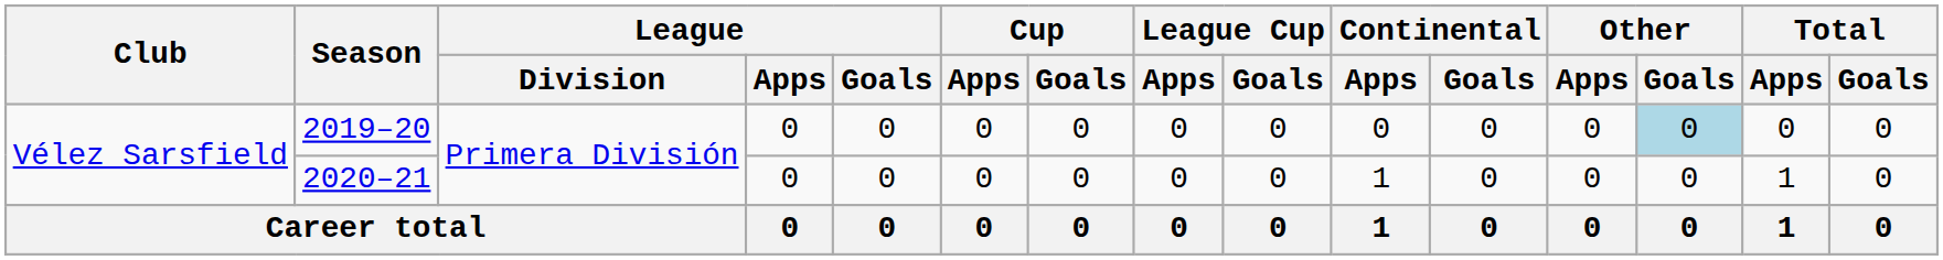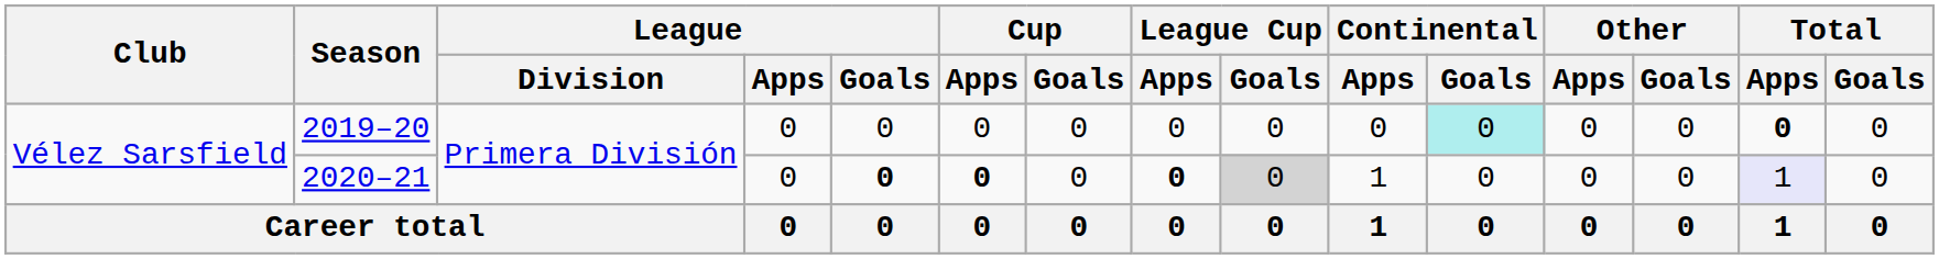 <table class="wikitable" style="text-align:center">
 <tr>
 <th rowspan="2">Club</th>
 <th rowspan="2">Season</th>
 <th colspan="3">League</th>
 <th colspan="2">Cup</th>
 <th colspan="2">League Cup</th>
 <th colspan="2">Continental</th>
 <th colspan="2">Other</th>
 <th colspan="2">Total</th>
 </tr>
 <tr>
 <th>Division</th>
 <th>Apps</th>
 <th>Goals</th>
 <th>Apps</th>
 <th>Goals</th>
 <th>Apps</th>
 <th>Goals</th>
 <th>Apps</th>
 <th>Goals</th>
 <th>Apps</th>
 <th>Goals</th>
 <th>Apps</th>
 <th>Goals</th>
 </tr>
 <tr>
 <td rowspan="2"><a href='#'>Vélez Sarsfield</a></td>
 <td><a href='#'>2019–20</a></td>
 <td rowspan="2"><a href='#'>Primera División</a></td>
 <td>0</td>
 <td>0</td>
 <td>0</td>
 <td>0</td>
 <td>0</td>
 <td>0</td>
 <td>0</td>
+<td style="background: paleturquoise;">0</td>
 <td>0</td>
 <td>0</td>
-<td style="background: lightblue;">0</td>
-<td>0</td>
+<td><strong>0</strong></td>
 <td>0</td>
 </tr>
 <tr>
 <td><a href='#'>2020–21</a></td>
 <td>0</td>
+<td><strong>0</strong></td>
+<td><strong>0</strong></td>
 <td>0</td>
-<td>0</td>
-<td>0</td>
-<td>0</td>
-<td>0</td>
+<td><strong>0</strong></td>
+<td style="background: lightgrey;">0</td>
 <td>1</td>
 <td>0</td>
 <td>0</td>
 <td>0</td>
-<td>1</td>
+<td style="background: lavender;">1</td>
 <td>0</td>
 </tr>
 <tr>
 <th colspan="3">Career total</th>
 <th>0</th>
 <th>0</th>
 <th>0</th>
 <th>0</th>
 <th>0</th>
 <th>0</th>
 <th>1</th>
 <th>0</th>
 <th>0</th>
 <th>0</th>
 <th>1</th>
 <th>0</th>
 </tr>
 </table>
